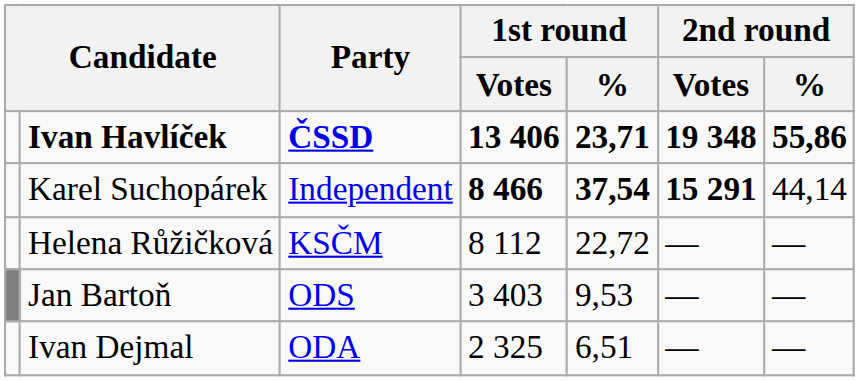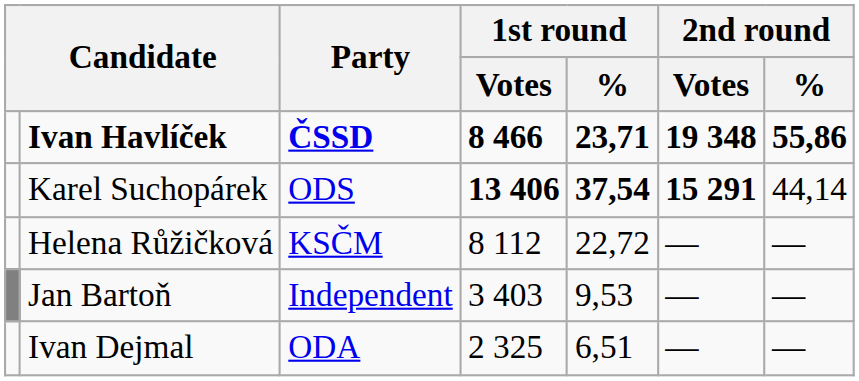 <table class="wikitable sortable">
 <tr>
 <th colspan="2" rowspan="2">Candidate</th>
 <th rowspan="2">Party</th>
 <th colspan="2">1st round</th>
 <th colspan="2">2nd round</th>
 </tr>
 <tr>
 <th>Votes</th>
 <th>%</th>
 <th>Votes</th>
 <th>%</th>
 </tr>
 <tr>
 <td style="background-color:"></td>
 <td><strong>Ivan Havlíček</strong></td>
 <td><strong><a href='#'>ČSSD</a></strong></td>
-<td><strong>13 406</strong></td>
+<td><strong>8 466</strong></td>
 <td><strong>23,71</strong></td>
 <td><strong>19 348</strong></td>
 <td><strong>55,86</strong></td>
 </tr>
 <tr>
 <td style="background-color:"></td>
 <td>Karel Suchopárek</td>
-<td><a href='#'>Independent</a></td>
-<td><strong>8 466</strong></td>
+<td><a href='#'>ODS</a></td>
+<td><strong>13 406</strong></td>
 <td><strong>37,54</strong></td>
 <td><strong>15 291</strong></td>
 <td>44,14</td>
 </tr>
 <tr>
 <td style="background-color:"></td>
 <td>Helena Růžičková</td>
 <td><a href='#'>KSČM</a></td>
 <td>8 112</td>
 <td>22,72</td>
 <td>—</td>
 <td>—</td>
 </tr>
 <tr>
 <td style="background-color:gray;"></td>
 <td>Jan Bartoň</td>
-<td><a href='#'>ODS</a></td>
+<td><a href='#'>Independent</a></td>
 <td>3 403</td>
 <td>9,53</td>
 <td>—</td>
 <td>—</td>
 </tr>
 <tr>
 <td style="background-color:"></td>
 <td>Ivan Dejmal</td>
 <td><a href='#'>ODA</a></td>
 <td>2 325</td>
 <td>6,51</td>
 <td>—</td>
 <td>—</td>
 </tr>
 </table>
